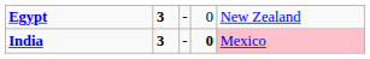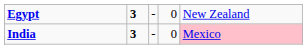 <table class="wikitable">
 <tr>
 <td width=150> <strong><a href='#'>Egypt</a></strong></td>
 <td style="width:20px; text-align:left;"><strong>3</strong></td>
 <td>-</td>
 <td style="width:20px; text-align:right;">0</td>
 <td width=150> <a href='#'>New Zealand</a></td>
 </tr>
 <tr>
 <td> <strong><a href='#'>India</a></strong></td>
 <td style="text-align:left;"><strong>3</strong></td>
 <td>-</td>
-<td style="text-align:right;"><strong>0</strong></td>
+<td style="text-align:right;">0</td>
 <td style="background: pink;"> <a href='#'>Mexico</a></td>
 </tr>
 </table>
